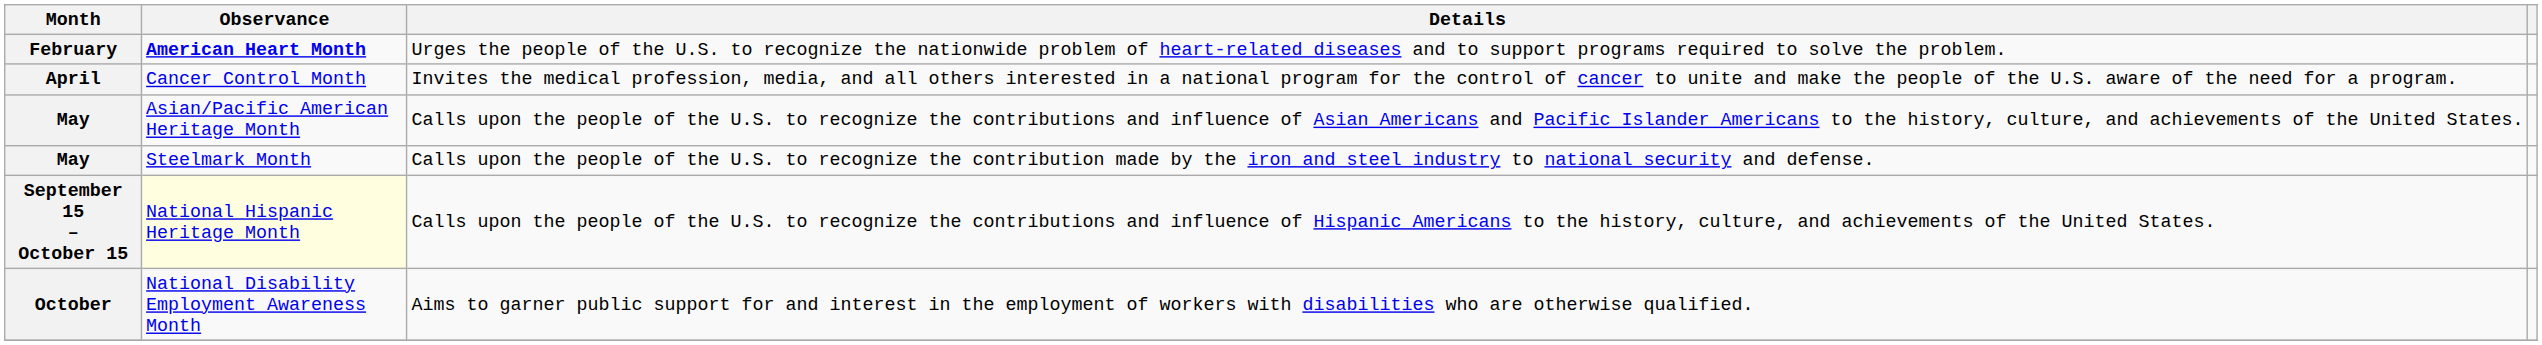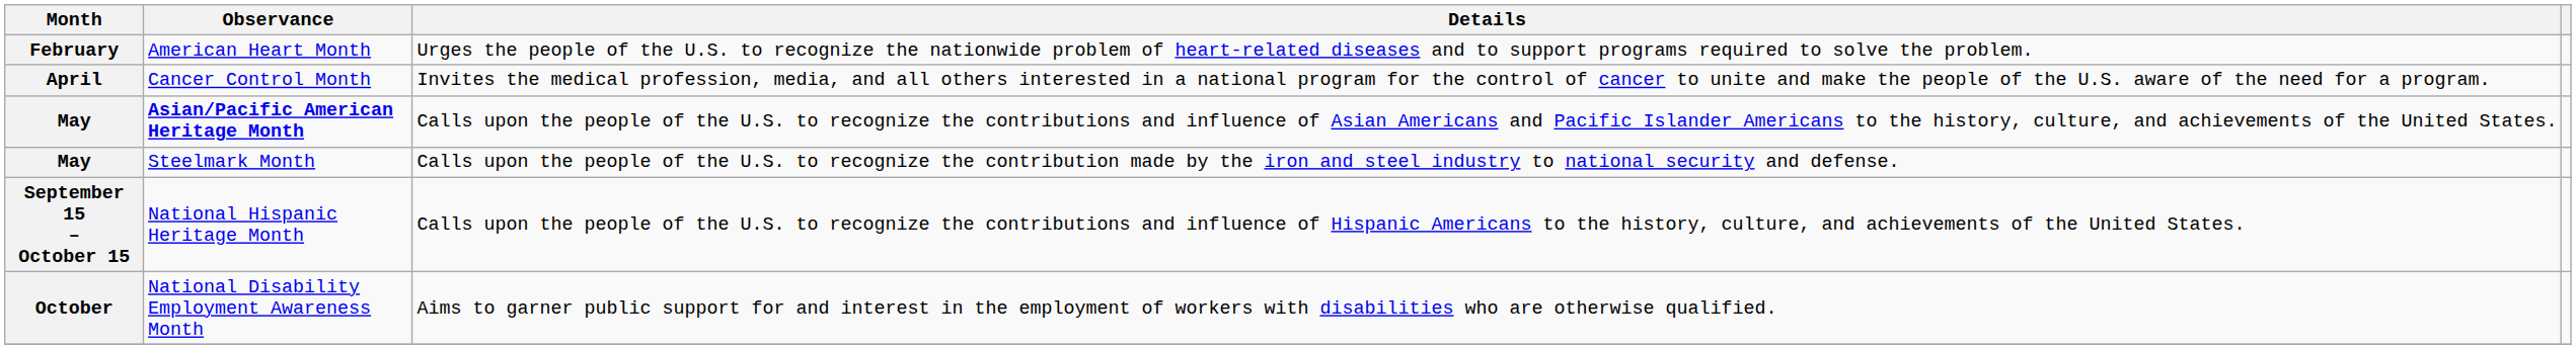 <table class="wikitable">
 <tr>
 <th scope="col" style="width: 7em">Month</th>
 <th scope="col" style="width: 14em">Observance</th>
 <th scope="col" class="unsortable">Details</th>
 <th scope="col"></th>
 </tr>
 <tr>
 <th scope="row">February</th>
-<td><strong><a href='#'>American Heart Month</a></strong></td>
+<td><a href='#'>American Heart Month</a></td>
 <td>Urges the people of the U.S. to recognize the nationwide problem of <a href='#'>heart-related diseases</a> and to support programs required to solve the problem.</td>
 <td></td>
 </tr>
 <tr>
 <th scope="row">April</th>
 <td><a href='#'>Cancer Control Month</a></td>
 <td>Invites the medical profession, media, and all others interested in a national program for the control of <a href='#'>cancer</a> to unite and make the people of the U.S. aware of the need for a program.</td>
 <td></td>
 </tr>
 <tr>
 <th scope="row">May</th>
-<td><a href='#'>Asian/Pacific American Heritage Month</a></td>
+<td><strong><a href='#'>Asian/Pacific American Heritage Month</a></strong></td>
 <td>Calls upon the people of the U.S. to recognize the contributions and influence of <a href='#'>Asian Americans</a> and <a href='#'>Pacific Islander Americans</a> to the history, culture, and achievements of the United States.</td>
 <td></td>
 </tr>
 <tr>
 <th scope="row">May</th>
 <td><a href='#'>Steelmark Month</a></td>
 <td>Calls upon the people of the U.S. to recognize the contribution made by the <a href='#'>iron and steel industry</a> to <a href='#'>national security</a> and defense.</td>
 <td></td>
 </tr>
 <tr>
 <th scope="row">September 15<br>–<br>October 15</th>
-<td style="background: lightyellow;"><a href='#'>National Hispanic Heritage Month</a></td>
+<td><a href='#'>National Hispanic Heritage Month</a></td>
 <td>Calls upon the people of the U.S. to recognize the contributions and influence of <a href='#'>Hispanic Americans</a> to the history, culture, and achievements of the United States.</td>
 <td></td>
 </tr>
 <tr>
 <th scope="row">October</th>
 <td><a href='#'>National Disability Employment Awareness Month</a></td>
 <td>Aims to garner public support for and interest in the employment of workers with <a href='#'>disabilities</a> who are otherwise qualified.</td>
 <td></td>
 </tr>
 <tr>
 </tr>
 </table>
